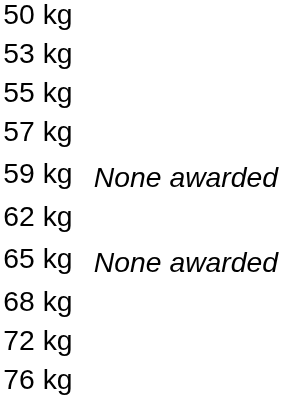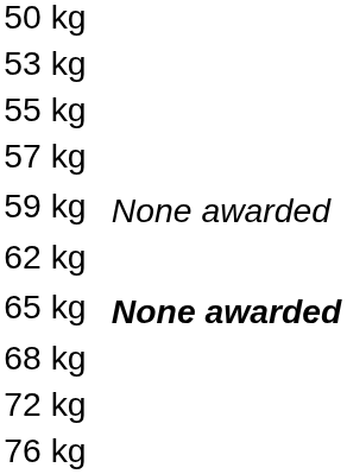 <table>
 <tr>
 <td rowspan=2>50 kg<br></td>
 <td rowspan=2></td>
 <td rowspan=2></td>
 <td></td>
 </tr>
 <tr>
 <td></td>
 </tr>
 <tr>
 <td rowspan=2>53 kg<br></td>
 <td rowspan=2></td>
 <td rowspan=2></td>
 <td></td>
 </tr>
 <tr>
 <td></td>
 </tr>
 <tr>
 <td rowspan=2>55 kg<br></td>
 <td rowspan=2></td>
 <td rowspan=2></td>
 <td></td>
 </tr>
 <tr>
 <td></td>
 </tr>
 <tr>
 <td rowspan=2>57 kg<br></td>
 <td rowspan=2></td>
 <td rowspan=2></td>
 <td></td>
 </tr>
 <tr>
 <td></td>
 </tr>
 <tr>
 <td rowspan=2>59 kg<br></td>
 <td rowspan=2></td>
 <td rowspan=2></td>
 <td></td>
 </tr>
 <tr>
 <td><em>None awarded</em></td>
 </tr>
 <tr>
 <td rowspan=2>62 kg<br></td>
 <td rowspan=2></td>
 <td rowspan=2></td>
 <td></td>
 </tr>
 <tr>
 <td></td>
 </tr>
 <tr>
 <td rowspan=2>65 kg<br></td>
 <td rowspan=2></td>
 <td rowspan=2></td>
 <td></td>
 </tr>
 <tr>
-<td><em>None awarded</em></td>
+<td><strong><em>None awarded</em></strong></td>
 </tr>
 <tr>
 <td rowspan=2>68 kg<br></td>
 <td rowspan=2></td>
 <td rowspan=2></td>
 <td></td>
 </tr>
 <tr>
 <td></td>
 </tr>
 <tr>
 <td rowspan=2>72 kg<br></td>
 <td rowspan=2></td>
 <td rowspan=2></td>
 <td></td>
 </tr>
 <tr>
 <td></td>
 </tr>
 <tr>
 <td rowspan=2>76 kg<br></td>
 <td rowspan=2></td>
 <td rowspan=2></td>
 <td></td>
 </tr>
 <tr>
 <td></td>
 </tr>
 </table>
